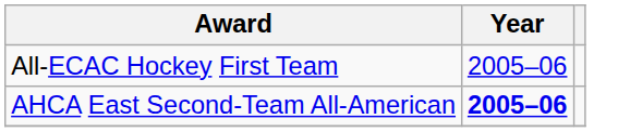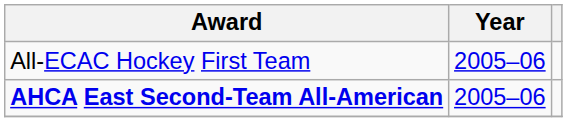 <table class="wikitable">
 <tr>
 <th>Award</th>
 <th>Year</th>
 <th></th>
 </tr>
 <tr>
 <td>All-<a href='#'>ECAC Hockey</a> <a href='#'>First Team</a></td>
 <td><a href='#'>2005–06</a></td>
 <td></td>
 </tr>
 <tr>
-<td><a href='#'>AHCA</a> <a href='#'>East Second-Team All-American</a></td>
-<td><strong><a href='#'>2005–06</a></strong></td>
+<td><strong><a href='#'>AHCA</a> <a href='#'>East Second-Team All-American</a></strong></td>
+<td><a href='#'>2005–06</a></td>
 <td></td>
 </tr>
 <tr>
 </tr>
 </table>
